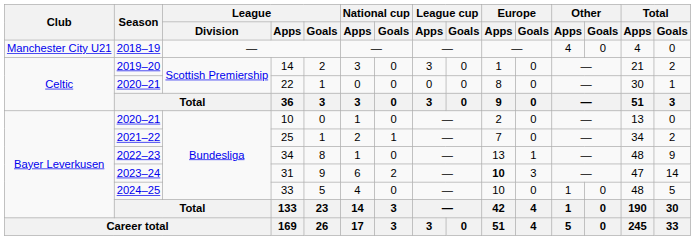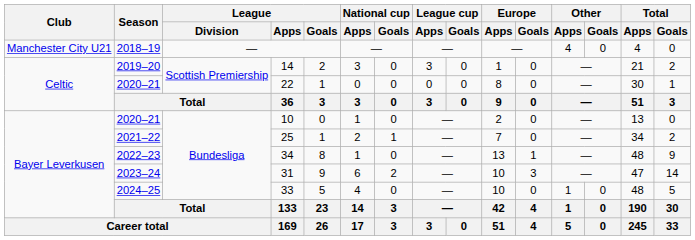 <table class=wikitable style="text-align: center">
 <tr>
 <th rowspan="2">Club</th>
 <th rowspan="2">Season</th>
 <th colspan="3">League</th>
 <th colspan="2">National cup</th>
 <th colspan="2">League cup</th>
 <th colspan="2">Europe</th>
 <th colspan="2">Other</th>
 <th colspan="2">Total</th>
 </tr>
 <tr>
 <th>Division</th>
 <th>Apps</th>
 <th>Goals</th>
 <th>Apps</th>
 <th>Goals</th>
 <th>Apps</th>
 <th>Goals</th>
 <th>Apps</th>
 <th>Goals</th>
 <th>Apps</th>
 <th>Goals</th>
 <th>Apps</th>
 <th>Goals</th>
 </tr>
 <tr>
 <td><a href='#'>Manchester City U21</a></td>
 <td><a href='#'>2018–19</a></td>
 <td colspan="3">—</td>
 <td colspan="2">—</td>
 <td colspan="2">—</td>
 <td colspan="2">—</td>
 <td>4</td>
 <td>0</td>
 <td>4</td>
 <td>0</td>
 </tr>
 <tr>
 <td rowspan="3"><a href='#'>Celtic</a></td>
 <td><a href='#'>2019–20</a></td>
 <td rowspan="2"><a href='#'>Scottish Premiership</a></td>
 <td>14</td>
 <td>2</td>
 <td>3</td>
 <td>0</td>
 <td>3</td>
 <td>0</td>
 <td>1</td>
 <td>0</td>
 <td colspan="2">—</td>
 <td>21</td>
 <td>2</td>
 </tr>
 <tr>
 <td><a href='#'>2020–21</a></td>
 <td>22</td>
 <td>1</td>
 <td>0</td>
 <td>0</td>
 <td>0</td>
 <td>0</td>
 <td>8</td>
 <td>0</td>
 <td colspan="2">—</td>
 <td>30</td>
 <td>1</td>
 </tr>
 <tr>
 <th colspan="2">Total</th>
 <th>36</th>
 <th>3</th>
 <th>3</th>
 <th>0</th>
 <th>3</th>
 <th>0</th>
 <th>9</th>
 <th>0</th>
 <th colspan="2">—</th>
 <th>51</th>
 <th>3</th>
 </tr>
 <tr>
 <td rowspan="6"><a href='#'>Bayer Leverkusen</a></td>
 <td><a href='#'>2020–21</a></td>
 <td rowspan="5"><a href='#'>Bundesliga</a></td>
 <td>10</td>
 <td>0</td>
 <td>1</td>
 <td>0</td>
 <td colspan="2">—</td>
 <td>2</td>
 <td>0</td>
 <td colspan="2">—</td>
 <td>13</td>
 <td>0</td>
 </tr>
 <tr>
 <td><a href='#'>2021–22</a></td>
 <td>25</td>
 <td>1</td>
 <td>2</td>
 <td>1</td>
 <td colspan="2">—</td>
 <td>7</td>
 <td>0</td>
 <td colspan="2">—</td>
 <td>34</td>
 <td>2</td>
 </tr>
 <tr>
 <td><a href='#'>2022–23</a></td>
 <td>34</td>
 <td>8</td>
 <td>1</td>
 <td>0</td>
 <td colspan="2">—</td>
 <td>13</td>
 <td>1</td>
 <td colspan="2">—</td>
 <td>48</td>
 <td>9</td>
 </tr>
 <tr>
 <td><a href='#'>2023–24</a></td>
 <td>31</td>
 <td>9</td>
 <td>6</td>
 <td>2</td>
 <td colspan="2">—</td>
-<td><strong>10</strong></td>
+<td>10</td>
 <td>3</td>
 <td colspan="2">—</td>
 <td>47</td>
 <td>14</td>
 </tr>
 <tr>
 <td><a href='#'>2024–25</a></td>
 <td>33</td>
 <td>5</td>
 <td>4</td>
 <td>0</td>
 <td colspan="2">—</td>
 <td>10</td>
 <td>0</td>
 <td>1</td>
 <td>0</td>
 <td>48</td>
 <td>5</td>
 </tr>
 <tr>
 <th colspan="2">Total</th>
 <th>133</th>
 <th>23</th>
 <th>14</th>
 <th>3</th>
 <th colspan="2">—</th>
 <th>42</th>
 <th>4</th>
 <th>1</th>
 <th>0</th>
 <th>190</th>
 <th>30</th>
 </tr>
 <tr>
 <th colspan="3">Career total</th>
 <th>169</th>
 <th>26</th>
 <th>17</th>
 <th>3</th>
 <th>3</th>
 <th>0</th>
 <th>51</th>
 <th>4</th>
 <th>5</th>
 <th>0</th>
 <th>245</th>
 <th>33</th>
 </tr>
 </table>
